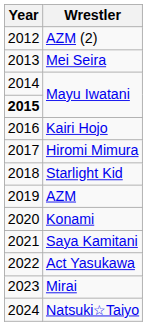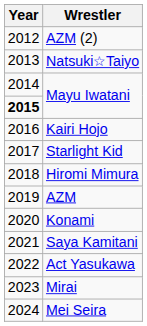 <table class="wikitable">
 <tr>
 <th>Year</th>
 <th>Wrestler</th>
 </tr>
 <tr>
 <td>2012</td>
 <td><a href='#'>AZM</a> (2)</td>
 </tr>
 <tr>
 <td>2013</td>
-<td><a href='#'>Mei Seira</a></td>
+<td><a href='#'>Natsuki☆Taiyo</a></td>
 </tr>
 <tr>
 <td>2014</td>
 <td rowspan="2"><a href='#'>Mayu Iwatani</a></td>
 </tr>
 <tr>
 <td><strong>2015</strong></td>
 </tr>
 <tr>
 <td>2016</td>
 <td><a href='#'>Kairi Hojo</a></td>
 </tr>
 <tr>
 <td>2017</td>
-<td><a href='#'>Hiromi Mimura</a></td>
+<td><a href='#'>Starlight Kid</a></td>
 </tr>
 <tr>
 <td>2018</td>
-<td><a href='#'>Starlight Kid</a></td>
+<td><a href='#'>Hiromi Mimura</a></td>
 </tr>
 <tr>
 <td>2019</td>
 <td><a href='#'>AZM</a></td>
 </tr>
 <tr>
 <td>2020</td>
 <td><a href='#'>Konami</a></td>
 </tr>
 <tr>
 <td>2021</td>
 <td><a href='#'>Saya Kamitani</a></td>
 </tr>
 <tr>
 <td>2022</td>
 <td><a href='#'>Act Yasukawa</a></td>
 </tr>
 <tr>
 <td>2023</td>
 <td><a href='#'>Mirai</a></td>
 </tr>
 <tr>
 <td>2024</td>
-<td><a href='#'>Natsuki☆Taiyo</a></td>
+<td><a href='#'>Mei Seira</a></td>
 </tr>
 </table>
